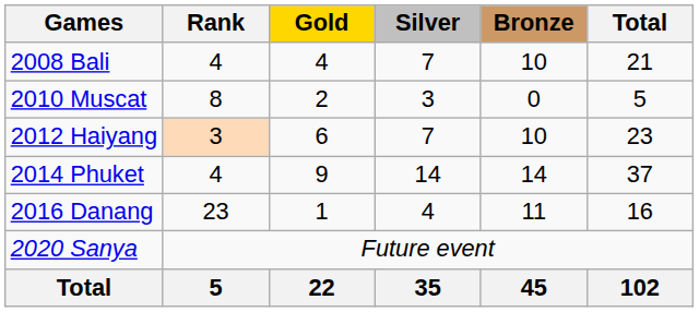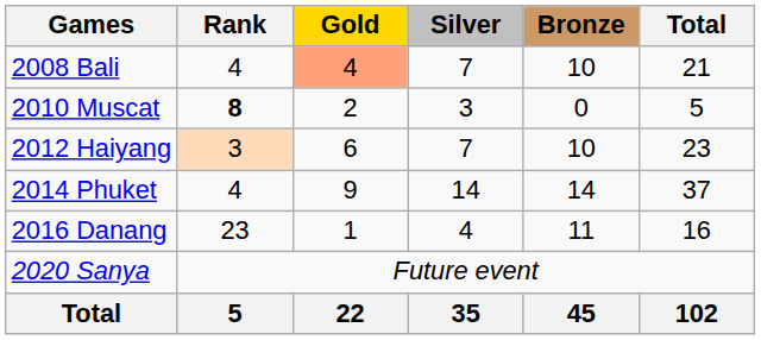 <table class="wikitable sortable" style="margin-top:0em; text-align:center; font-size:100%;">
 <tr>
 <th>Games</th>
 <th style="width:4em;">Rank</th>
 <th style="background:gold; width:4em;"><strong>Gold</strong></th>
 <th style="background:silver; width:4em;"><strong>Silver</strong></th>
 <th style="background:#cc9966; width:4em;"><strong>Bronze</strong></th>
 <th style="width:4em;">Total</th>
 </tr>
 <tr>
 <td align=left><a href='#'>2008 Bali</a></td>
 <td>4</td>
-<td>4</td>
+<td style="background: lightsalmon;">4</td>
 <td>7</td>
 <td>10</td>
 <td>21</td>
 </tr>
 <tr>
 <td align=left><a href='#'>2010 Muscat</a></td>
-<td>8</td>
+<td><strong>8</strong></td>
 <td>2</td>
 <td>3</td>
 <td>0</td>
 <td>5</td>
 </tr>
 <tr>
 <td align=left><a href='#'>2012 Haiyang</a></td>
 <td bgcolor=ffdab9>3</td>
 <td>6</td>
 <td>7</td>
 <td>10</td>
 <td>23</td>
 </tr>
 <tr>
 <td align=left><a href='#'>2014 Phuket</a></td>
 <td>4</td>
 <td>9</td>
 <td>14</td>
 <td>14</td>
 <td>37</td>
 </tr>
 <tr>
 <td align=left><a href='#'>2016 Danang</a></td>
 <td>23</td>
 <td>1</td>
 <td>4</td>
 <td>11</td>
 <td>16</td>
 </tr>
 <tr>
 <td align=left><em><a href='#'>2020 Sanya</a></em></td>
 <td colspan=5><em>Future event</em></td>
 </tr>
 <tr>
 <th>Total</th>
 <th>5</th>
 <th>22</th>
 <th>35</th>
 <th>45</th>
 <th>102</th>
 </tr>
 </table>
